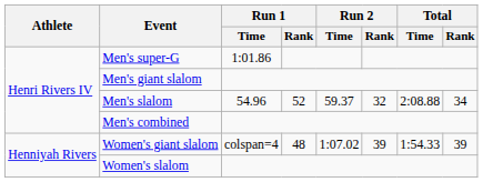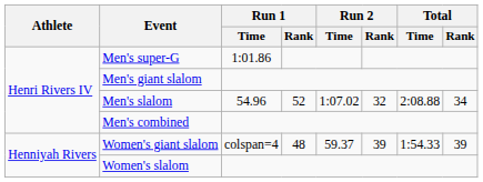 <table class="wikitable" style="font-size:90%">
 <tr>
 <th rowspan=2>Athlete</th>
 <th rowspan=2>Event</th>
 <th colspan=2>Run 1</th>
 <th colspan=2>Run 2</th>
 <th colspan=2>Total</th>
 </tr>
 <tr style="font-size:95%">
 <th>Time</th>
 <th>Rank</th>
 <th>Time</th>
 <th>Rank</th>
 <th>Time</th>
 <th>Rank</th>
 </tr>
 <tr align=center>
 <td align="left" rowspan="4"><a href='#'>Henri Rivers IV</a></td>
 <td align="left"><a href='#'>Men's super-G</a></td>
 <td>1:01.86</td>
 <td colspan=2></td>
 </tr>
 <tr align=center>
 <td align="left"><a href='#'>Men's giant slalom</a></td>
 <td colspan=6></td>
 </tr>
 <tr align=center>
 <td align="left"><a href='#'>Men's slalom</a></td>
 <td>54.96</td>
 <td>52</td>
-<td>59.37</td>
+<td>1:07.02</td>
 <td>32</td>
 <td>2:08.88</td>
 <td>34</td>
 </tr>
 <tr align=center>
 <td align="left"><a href='#'>Men's combined</a></td>
 <td colspan=6></td>
 </tr>
 <tr align=center>
 <td align=left rowspan="2"><a href='#'>Henniyah Rivers</a></td>
 <td align=left><a href='#'>Women's giant slalom</a></td>
 <td>colspan=4 </td>
 <td>48</td>
-<td>1:07.02</td>
+<td>59.37</td>
 <td>39</td>
 <td>1:54.33</td>
 <td>39</td>
 </tr>
 <tr align=center>
 <td align=left><a href='#'>Women's slalom</a></td>
 <td colspan=6></td>
 </tr>
 </table>
